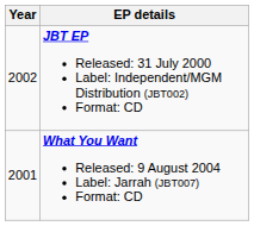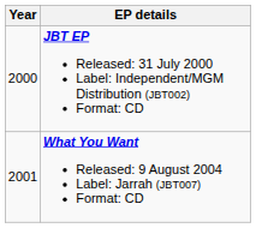 <table class="wikitable">
 <tr>
 <th>Year</th>
 <th style="width:250px;">EP details</th>
 </tr>
 <tr>
-<td>2002</td>
+<td>2000</td>
 <td><strong><em><a href='#'>JBT EP</a></em></strong><br><ul><li>Released: 31 July 2000</li><li>Label: Independent/MGM Distribution <small>(JBT002)</small></li><li>Format: CD</li></ul></td>
 </tr>
 <tr>
 <td>2001</td>
 <td><strong><em><a href='#'>What You Want</a></em></strong><br><ul><li>Released: 9 August 2004</li><li>Label: Jarrah <small>(JBT007)</small></li><li>Format: CD</li></ul></td>
 </tr>
 </table>
